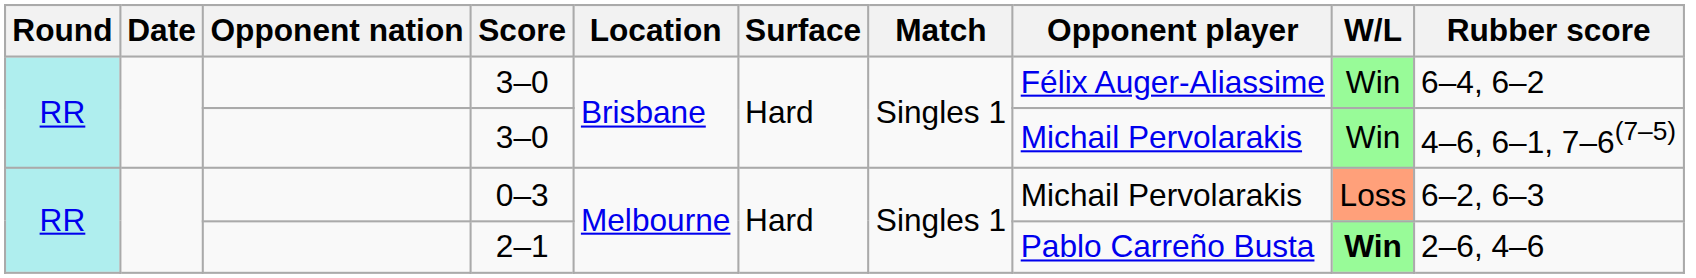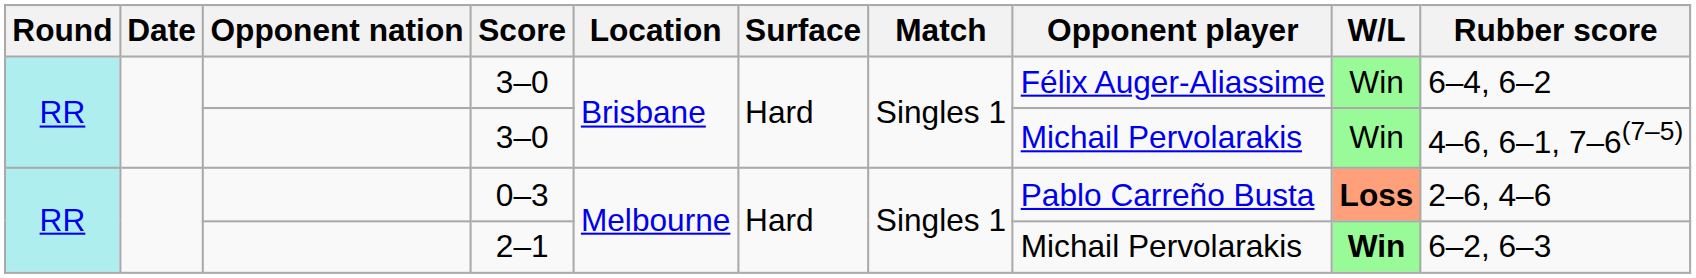 <table class="wikitable nowrap" style="font-size:96%;">
 <tr>
 <th>Round</th>
 <th>Date</th>
 <th>Opponent nation</th>
 <th>Score</th>
 <th>Location</th>
 <th>Surface</th>
 <th>Match</th>
 <th>Opponent player</th>
 <th>W/L</th>
 <th>Rubber score</th>
 </tr>
 <tr>
 <td rowspan=2 style="background:#afeeee; text-align:center;"><a href='#'>RR</a></td>
 <td rowspan=2></td>
 <td></td>
 <td style="text-align:center;">3–0</td>
 <td rowspan=2><a href='#'>Brisbane</a></td>
 <td rowspan=2>Hard</td>
 <td rowspan=2>Singles 1</td>
 <td><a href='#'>Félix Auger-Aliassime</a></td>
 <td style="background:#98fb98; text-align:center;">Win</td>
 <td>6–4, 6–2</td>
 </tr>
 <tr>
 <td></td>
 <td style="text-align:center;">3–0</td>
 <td><a href='#'>Michail Pervolarakis</a></td>
 <td style="background:#98fb98; text-align:center;">Win</td>
 <td>4–6, 6–1, 7–6<sup>(7–5)</sup></td>
 </tr>
 <tr>
 <td rowspan=2 style="background:#afeeee; text-align:center;"><a href='#'>RR</a></td>
 <td rowspan=2></td>
 <td></td>
 <td style="text-align:center;">0–3</td>
 <td rowspan=2><a href='#'>Melbourne</a></td>
 <td rowspan=2>Hard</td>
 <td rowspan=2>Singles 1</td>
-<td>Michail Pervolarakis</td>
-<td style="background:#ffa07a; text-align:center;">Loss</td>
-<td>6–2, 6–3</td>
+<td><a href='#'>Pablo Carreño Busta</a></td>
+<td style="background:#ffa07a; text-align:center;"><strong>Loss</strong></td>
+<td>2–6, 4–6</td>
 </tr>
 <tr>
 <td></td>
 <td style="text-align:center;">2–1</td>
-<td><a href='#'>Pablo Carreño Busta</a></td>
+<td>Michail Pervolarakis</td>
 <td style="background:#98fb98; text-align:center;"><strong>Win</strong></td>
-<td>2–6, 4–6</td>
+<td>6–2, 6–3</td>
 </tr>
 </table>
